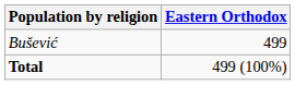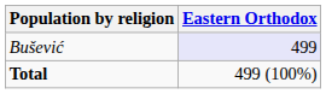 <table class="wikitable sortable">
 <tr>
 <th>Population by religion</th>
 <th><a href='#'>Eastern Orthodox</a></th>
 </tr>
 <tr>
 <td><em>Bušević</em></td>
-<td align="right">499</td>
+<td align="right" style="background: lavender;">499</td>
 </tr>
 <tr>
 <td><strong>Total</strong></td>
 <td align="right">499 (100%)</td>
 </tr>
 </table>
